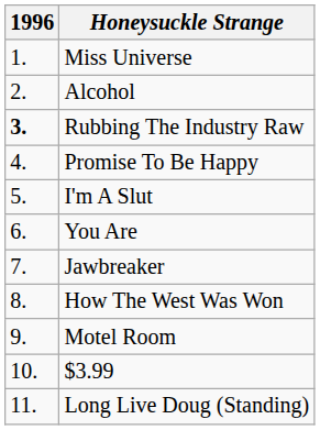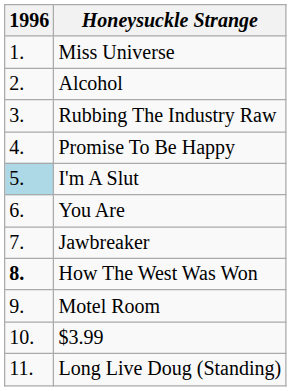 <table class="wikitable">
 <tr>
 <th>1996</th>
 <th><em>Honeysuckle Strange</em></th>
 </tr>
 <tr>
 <td>1.</td>
 <td>Miss Universe</td>
 </tr>
 <tr>
 <td>2.</td>
 <td>Alcohol</td>
 </tr>
 <tr>
-<td><strong>3.</strong></td>
+<td>3.</td>
 <td>Rubbing The Industry Raw</td>
 </tr>
 <tr>
 <td>4.</td>
 <td>Promise To Be Happy</td>
 </tr>
 <tr>
-<td>5.</td>
+<td style="background: lightblue;">5.</td>
 <td>I'm A Slut</td>
 </tr>
 <tr>
 <td>6.</td>
 <td>You Are</td>
 </tr>
 <tr>
 <td>7.</td>
 <td>Jawbreaker</td>
 </tr>
 <tr>
-<td>8.</td>
+<td><strong>8.</strong></td>
 <td>How The West Was Won</td>
 </tr>
 <tr>
 <td>9.</td>
 <td>Motel Room</td>
 </tr>
 <tr>
 <td>10.</td>
 <td>$3.99</td>
 </tr>
 <tr>
 <td>11.</td>
 <td>Long Live Doug (Standing)</td>
 </tr>
 </table>
